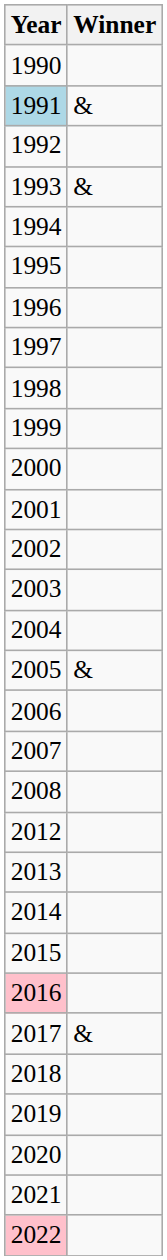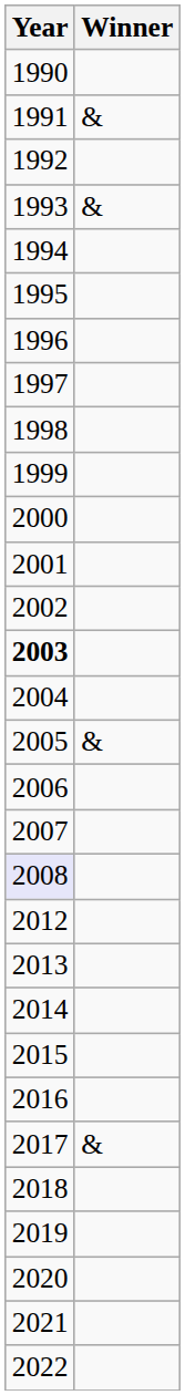 <table class="wikitable">
 <tr>
 <th>Year</th>
 <th>Winner</th>
 </tr>
 <tr>
 <td>1990</td>
 <td></td>
 </tr>
 <tr>
-<td style="background: lightblue;">1991</td>
+<td>1991</td>
 <td> & </td>
 </tr>
 <tr>
 <td>1992</td>
 <td></td>
 </tr>
 <tr>
 <td>1993</td>
 <td> &  </td>
 </tr>
 <tr>
 <td>1994</td>
 <td></td>
 </tr>
 <tr>
 <td>1995</td>
 <td> </td>
 </tr>
 <tr>
 <td>1996</td>
 <td></td>
 </tr>
 <tr>
 <td>1997</td>
 <td> </td>
 </tr>
 <tr>
 <td>1998</td>
 <td></td>
 </tr>
 <tr>
 <td>1999</td>
 <td> </td>
 </tr>
 <tr>
 <td>2000</td>
 <td></td>
 </tr>
 <tr>
 <td>2001</td>
 <td> </td>
 </tr>
 <tr>
 <td>2002</td>
 <td> </td>
 </tr>
 <tr>
-<td>2003</td>
+<td><strong>2003</strong></td>
 <td> </td>
 </tr>
 <tr>
 <td>2004</td>
 <td></td>
 </tr>
 <tr>
 <td>2005</td>
 <td> & </td>
 </tr>
 <tr>
 <td>2006</td>
 <td> </td>
 </tr>
 <tr>
 <td>2007</td>
 <td> </td>
 </tr>
 <tr>
-<td>2008</td>
+<td style="background: lavender;">2008</td>
 <td></td>
 </tr>
 <tr>
 <td>2012</td>
 <td></td>
 </tr>
 <tr>
 <td>2013</td>
 <td> </td>
 </tr>
 <tr>
 <td>2014</td>
 <td> </td>
 </tr>
 <tr>
 <td>2015</td>
 <td> </td>
 </tr>
 <tr>
-<td style="background: pink;">2016</td>
+<td>2016</td>
 <td> </td>
 </tr>
 <tr>
 <td>2017</td>
 <td> &  </td>
 </tr>
 <tr>
 <td>2018</td>
 <td> </td>
 </tr>
 <tr>
 <td>2019</td>
 <td> </td>
 </tr>
 <tr>
 <td>2020</td>
 <td> </td>
 </tr>
 <tr>
 <td>2021</td>
 <td></td>
 </tr>
 <tr>
-<td style="background: pink;">2022</td>
+<td>2022</td>
 <td></td>
 </tr>
 <tr>
 </tr>
 </table>
